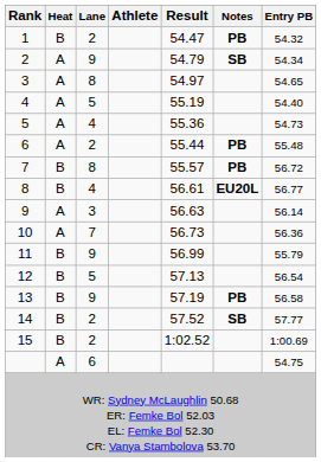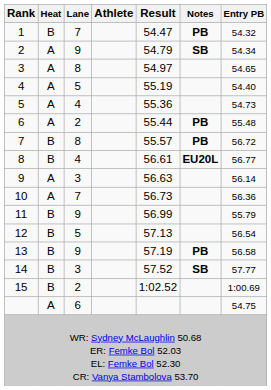 <table class="wikitable sortable" style="text-align:center;">
 <tr>
 <th>Rank</th>
 <th><small>Heat</small></th>
 <th><small>Lane</small></th>
 <th>Athlete</th>
 <th>Result</th>
 <th><small>Notes</small></th>
 <th><small>Entry PB</small></th>
 </tr>
 <tr>
 <td>1</td>
 <td>B</td>
-<td>2</td>
+<td>7</td>
 <td align=left></td>
 <td>54.47</td>
 <td><strong>PB</strong></td>
 <td><small>54.32</small></td>
 </tr>
 <tr>
 <td>2</td>
 <td>A</td>
 <td>9</td>
 <td align=left></td>
 <td>54.79</td>
 <td> <strong>SB</strong></td>
 <td><small>54.34</small></td>
 </tr>
 <tr>
 <td>3</td>
 <td>A</td>
 <td>8</td>
 <td align=left></td>
 <td>54.97</td>
 <td></td>
 <td><small>54.65</small></td>
 </tr>
 <tr>
 <td>4</td>
 <td>A</td>
 <td>5</td>
 <td align=left></td>
 <td>55.19</td>
 <td></td>
 <td><small>54.40</small></td>
 </tr>
 <tr>
 <td>5</td>
 <td>A</td>
 <td>4</td>
 <td align=left></td>
 <td>55.36</td>
 <td></td>
 <td><small>54.73</small></td>
 </tr>
 <tr>
 <td>6</td>
 <td>A</td>
 <td>2</td>
 <td align=left></td>
 <td>55.44</td>
 <td><strong>PB</strong></td>
 <td><small>55.48</small></td>
 </tr>
 <tr>
 <td>7</td>
 <td>B</td>
 <td>8</td>
 <td align=left></td>
 <td>55.57</td>
 <td><strong>PB</strong></td>
 <td><small>56.72</small></td>
 </tr>
 <tr>
 <td>8</td>
 <td>B</td>
 <td>4</td>
 <td align=left></td>
 <td>56.61</td>
 <td><strong>EU20L</strong></td>
 <td><small>56.77</small></td>
 </tr>
 <tr>
 <td>9</td>
 <td>A</td>
 <td>3</td>
 <td align=left></td>
 <td>56.63</td>
 <td></td>
 <td><small>56.14</small></td>
 </tr>
 <tr>
 <td>10</td>
 <td>A</td>
 <td>7</td>
 <td align=left></td>
 <td>56.73</td>
 <td></td>
 <td><small>56.36</small></td>
 </tr>
 <tr>
 <td>11</td>
 <td>B</td>
 <td>9</td>
 <td align=left></td>
 <td>56.99</td>
 <td></td>
 <td><small>55.79</small></td>
 </tr>
 <tr>
 <td>12</td>
 <td>B</td>
 <td>5</td>
 <td align=left></td>
 <td>57.13</td>
 <td></td>
 <td><small>56.54</small></td>
 </tr>
 <tr>
 <td>13</td>
 <td>B</td>
 <td>9</td>
 <td align=left></td>
 <td>57.19</td>
 <td><strong>PB</strong></td>
 <td><small>56.58</small></td>
 </tr>
 <tr>
 <td>14</td>
 <td>B</td>
-<td>2</td>
+<td>3</td>
 <td align=left></td>
 <td>57.52</td>
 <td> <strong>SB</strong></td>
 <td><small>57.77</small></td>
 </tr>
 <tr>
 <td>15</td>
 <td>B</td>
 <td>2</td>
 <td align=left></td>
 <td>1:02.52</td>
 <td></td>
 <td><small>1:00.69</small></td>
 </tr>
 <tr>
 <td></td>
 <td>A</td>
 <td>6</td>
 <td align=left></td>
 <td></td>
 <td></td>
 <td><small>54.75</small></td>
 </tr>
 <tr>
 <td colspan="7" bgcolor="#cccccc"><br> <small>WR:   <a href='#'>Sydney McLaughlin</a> 50.68<br>ER:  <a href='#'>Femke Bol</a> 52.03<br></small> <small>EL:   <a href='#'>Femke Bol</a> 52.30<br>CR:  <a href='#'>Vanya Stambolova</a> 53.70</small></td>
 </tr>
 </table>
